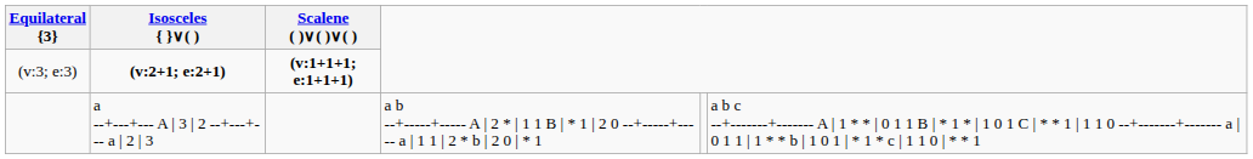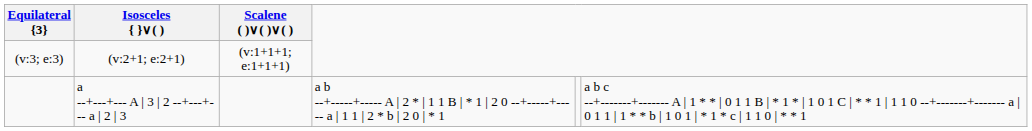 <table class=wikitable>
 <tr valign=top>
 <th><a href='#'>Equilateral</a><br>{3}<br></th>
 <th><a href='#'>Isosceles</a><br>{ }∨( )<br></th>
 <th><a href='#'>Scalene</a><br>( )∨( )∨( )<br></th>
 </tr>
 <tr align=center>
 <td>(v:3; e:3)</td>
-<td><strong>(v:2+1; e:2+1)</strong></td>
-<td><strong>(v:1+1+1; e:1+1+1)</strong></td>
+<td>(v:2+1; e:2+1)</td>
+<td>(v:1+1+1; e:1+1+1)</td>
 </tr>
 <tr valign=top>
 <td><br><pre></td>
 <td A>a<br>--+---+--- A | 3 | 2  --+---+--- a | 2 | 3  </pre></td>
 <td><br><pre></td>
 <td A B>a b<br>--+-----+----- A | 2 * | 1 1 B | * 1 | 2 0 --+-----+----- a | 1 1 | 2 *  b | 2 0 | * 1  </pre></td>
 <td><br><pre></td>
 <td A B C>a b c<br>--+-------+------- A | 1 * * | 0 1 1 B | * 1 * | 1 0 1  C | * * 1 | 1 1 0  --+-------+------- a | 0 1 1 | 1 * *  b | 1 0 1 | * 1 *  c | 1 1 0 | * * 1 </pre></td>
 </tr>
 </table>
